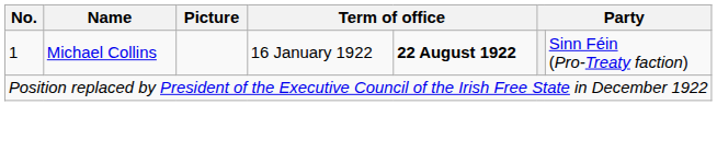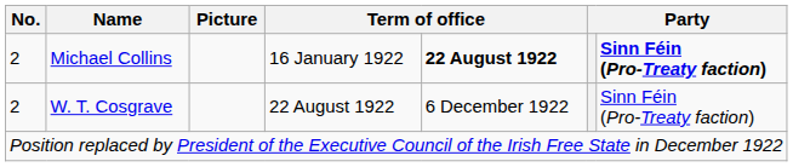 <table class="wikitable">
 <tr>
 <th>No.</th>
 <th>Name</th>
 <th>Picture</th>
 <th colspan=2>Term of office</th>
 <th colspan=2>Party</th>
 </tr>
 <tr>
-<td>1</td>
+<td>2</td>
 <td><a href='#'>Michael Collins</a></td>
 <td></td>
 <td>16 January 1922</td>
 <td><strong>22 August 1922</strong></td>
+<th style="background-color: "></th>
+<td><strong><a href='#'>Sinn Féin</a><br>(<em>Pro-<a href='#'>Treaty</a> faction</em>)</strong></td>
+</tr>
+<tr>
+<td>2</td>
+<td><a href='#'>W. T. Cosgrave</a></td>
+<td></td>
+<td>22 August 1922</td>
+<td>6 December 1922</td>
 <th style="background-color: "></th>
 <td><a href='#'>Sinn Féin</a><br>(<em>Pro-<a href='#'>Treaty</a> faction</em>)</td>
 </tr>
 <tr>
 <td colspan=7><em>Position replaced by <a href='#'>President of the Executive Council of the Irish Free State</a> in December 1922</em></td>
 </tr>
 </table>
